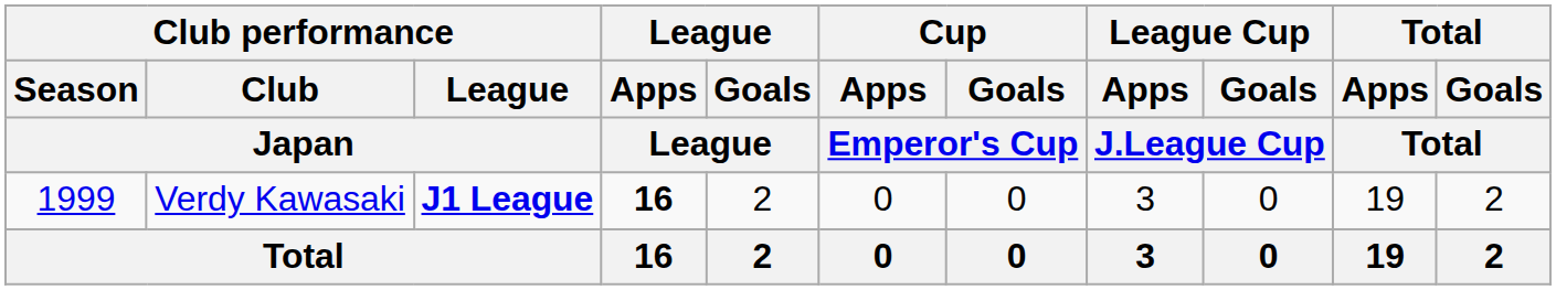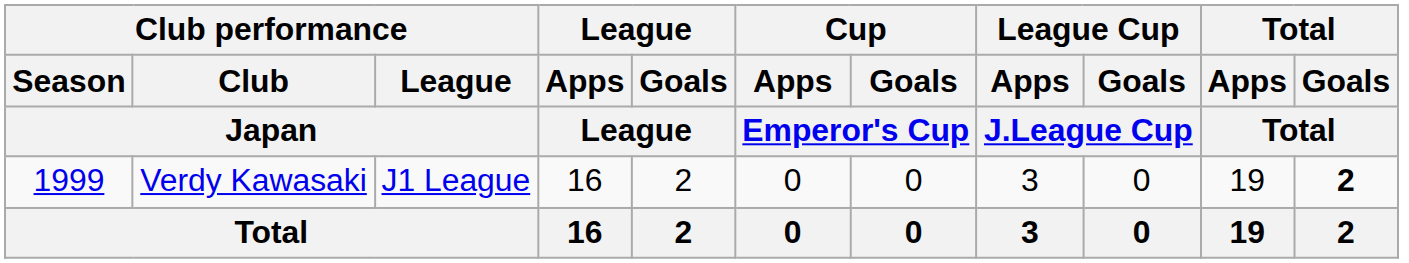 <table class="wikitable" style="text-align:center;">
 <tr>
 <th colspan=3>Club performance</th>
 <th colspan=2>League</th>
 <th colspan=2>Cup</th>
 <th colspan=2>League Cup</th>
 <th colspan=2>Total</th>
 </tr>
 <tr>
 <th>Season</th>
 <th>Club</th>
 <th>League</th>
 <th>Apps</th>
 <th>Goals</th>
 <th>Apps</th>
 <th>Goals</th>
 <th>Apps</th>
 <th>Goals</th>
 <th>Apps</th>
 <th>Goals</th>
 </tr>
 <tr>
 <th colspan=3>Japan</th>
 <th colspan=2>League</th>
 <th colspan=2><a href='#'>Emperor's Cup</a></th>
 <th colspan=2><a href='#'>J.League Cup</a></th>
 <th colspan=2>Total</th>
 </tr>
 <tr>
 <td><a href='#'>1999</a></td>
 <td><a href='#'>Verdy Kawasaki</a></td>
-<td><strong><a href='#'>J1 League</a></strong></td>
-<td><strong>16</strong></td>
+<td><a href='#'>J1 League</a></td>
+<td>16</td>
 <td>2</td>
 <td>0</td>
 <td>0</td>
 <td>3</td>
 <td>0</td>
 <td>19</td>
-<td>2</td>
+<td><strong>2</strong></td>
 </tr>
 <tr>
 <th colspan=3>Total</th>
 <th>16</th>
 <th>2</th>
 <th>0</th>
 <th>0</th>
 <th>3</th>
 <th>0</th>
 <th>19</th>
 <th>2</th>
 </tr>
 </table>
